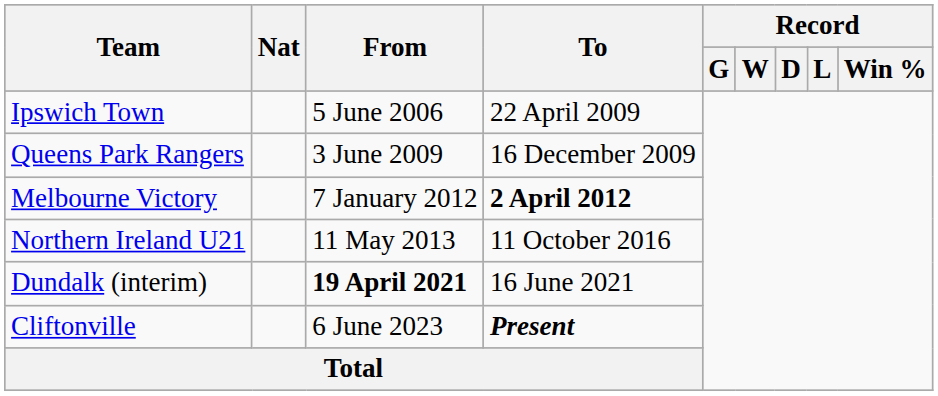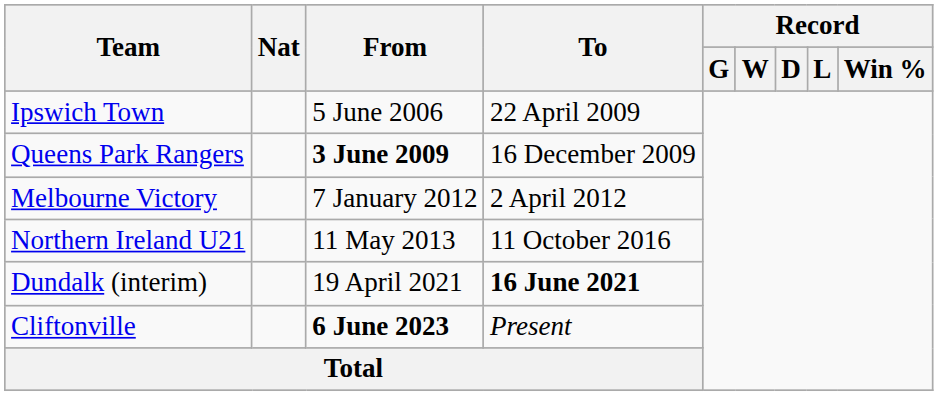 <table class="wikitable" style="text-align: center;">
 <tr>
 <th rowspan="2">Team</th>
 <th rowspan="2">Nat</th>
 <th rowspan="2">From</th>
 <th rowspan="2">To</th>
 <th colspan="5">Record</th>
 </tr>
 <tr>
 <th>G</th>
 <th>W</th>
 <th>D</th>
 <th>L</th>
 <th>Win %</th>
 </tr>
 <tr>
 <td align=left><a href='#'>Ipswich Town</a></td>
 <td></td>
 <td align=left>5 June 2006</td>
 <td align=left>22 April 2009<br></td>
 </tr>
 <tr>
 <td align=left><a href='#'>Queens Park Rangers</a></td>
 <td></td>
-<td align=left>3 June 2009</td>
+<td align=left><strong>3 June 2009</strong></td>
 <td align=left>16 December 2009<br></td>
 </tr>
 <tr>
 <td align=left><a href='#'>Melbourne Victory</a></td>
 <td></td>
 <td align=left>7 January 2012</td>
-<td align=left><strong>2 April 2012<br></strong></td>
+<td align=left>2 April 2012<br></td>
 </tr>
 <tr>
 <td align=left><a href='#'>Northern Ireland U21</a></td>
 <td></td>
 <td align=left>11 May 2013</td>
 <td align=left>11 October 2016<br></td>
 </tr>
 <tr>
 <td align=left><a href='#'>Dundalk</a> (interim)</td>
 <td></td>
-<td align=left><strong>19 April 2021</strong></td>
-<td align=left>16 June 2021<br></td>
+<td align=left>19 April 2021</td>
+<td align=left><strong>16 June 2021<br></strong></td>
 </tr>
 <tr>
 <td align=left><a href='#'>Cliftonville</a></td>
 <td></td>
-<td align=left>6 June 2023</td>
-<td align=left><strong><em>Present</em><br></strong></td>
+<td align=left><strong>6 June 2023</strong></td>
+<td align=left><em>Present</em><br></td>
 </tr>
 <tr>
 <th colspan="4">Total<br></th>
 </tr>
 </table>
